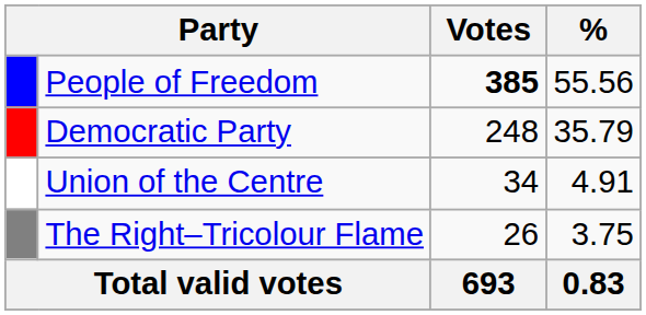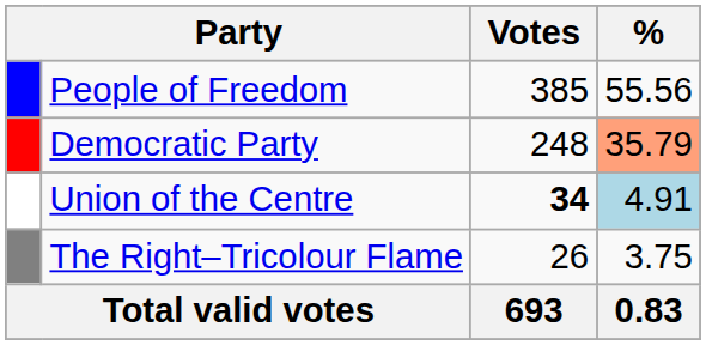 <table class="wikitable">
 <tr>
 <th colspan="2" style="width: 130px">Party</th>
 <th style="width: 50px">Votes</th>
 <th style="width: 40px">%</th>
 </tr>
 <tr>
 <td style="background-color:blue">  </td>
 <td style="text-align: left"><a href='#'>People of Freedom</a></td>
-<td style="text-align: right"><strong>385</strong></td>
+<td style="text-align: right">385</td>
 <td style="text-align: right">55.56</td>
 </tr>
 <tr>
 <td style="background-color:red">  </td>
 <td style="text-align: left"><a href='#'>Democratic Party</a></td>
 <td style="text-align: right">248</td>
-<td style="text-align: right">35.79</td>
+<td style="background: lightsalmon; text-align: right">35.79</td>
 </tr>
 <tr>
 <td style="background-color:white">  </td>
 <td style="text-align: left"><a href='#'>Union of the Centre</a></td>
-<td align="right">34</td>
-<td align="right">4.91</td>
+<td align="right"><strong>34</strong></td>
+<td align="right" style="background: lightblue;">4.91</td>
 </tr>
 <tr>
 <td style="background-color:grey">  </td>
 <td style="text-align: left"><a href='#'>The Right–Tricolour Flame</a></td>
 <td align="right">26</td>
 <td align="right">3.75</td>
 </tr>
 <tr bgcolor="white">
 <th align="right" colspan=2>Total valid votes</th>
 <th align="right">693</th>
 <th align="right">0.83</th>
 </tr>
 </table>
